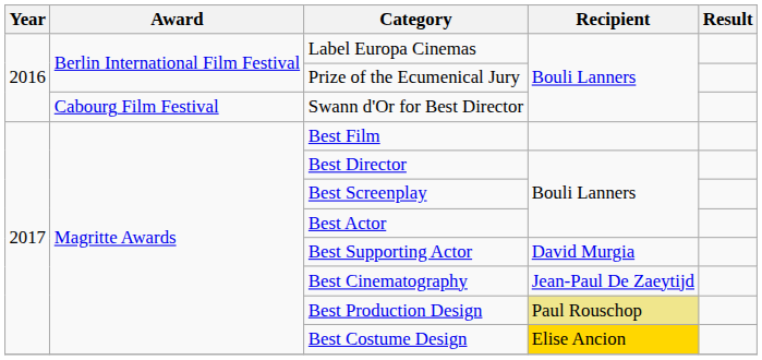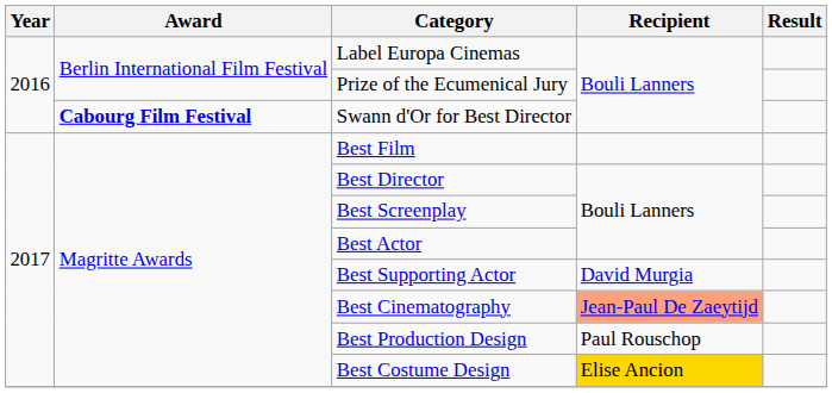 <table class="wikitable plainrowheaders sortable">
 <tr>
 <th>Year</th>
 <th>Award</th>
 <th>Category</th>
 <th>Recipient</th>
 <th>Result</th>
 </tr>
 <tr>
 <td rowspan=3>2016</td>
 <td rowspan=2><a href='#'>Berlin International Film Festival</a></td>
 <td>Label Europa Cinemas</td>
 <td rowspan=3><a href='#'>Bouli Lanners</a></td>
 <td></td>
 </tr>
 <tr>
 <td>Prize of the Ecumenical Jury</td>
 <td></td>
 </tr>
 <tr>
-<td><a href='#'>Cabourg Film Festival</a></td>
+<td><strong><a href='#'>Cabourg Film Festival</a></strong></td>
 <td>Swann d'Or for Best Director</td>
 <td></td>
 </tr>
 <tr>
 <td rowspan=8>2017</td>
 <td rowspan=8><a href='#'>Magritte Awards</a></td>
 <td><a href='#'>Best Film</a></td>
 <td></td>
 <td></td>
 </tr>
 <tr>
 <td><a href='#'>Best Director</a></td>
 <td rowspan=3>Bouli Lanners</td>
 <td></td>
 </tr>
 <tr>
 <td><a href='#'>Best Screenplay</a></td>
 <td></td>
 </tr>
 <tr>
 <td><a href='#'>Best Actor</a></td>
 <td></td>
 </tr>
 <tr>
 <td><a href='#'>Best Supporting Actor</a></td>
 <td><a href='#'>David Murgia</a></td>
 <td></td>
 </tr>
 <tr>
 <td><a href='#'>Best Cinematography</a></td>
-<td><a href='#'>Jean-Paul De Zaeytijd</a></td>
+<td style="background: lightsalmon;"><a href='#'>Jean-Paul De Zaeytijd</a></td>
 <td></td>
 </tr>
 <tr>
 <td><a href='#'>Best Production Design</a></td>
-<td style="background: khaki;">Paul Rouschop</td>
+<td>Paul Rouschop</td>
 <td></td>
 </tr>
 <tr>
 <td><a href='#'>Best Costume Design</a></td>
 <td style="background: gold;">Elise Ancion</td>
 <td></td>
 </tr>
 <tr>
 </tr>
 </table>
